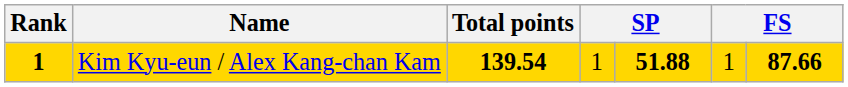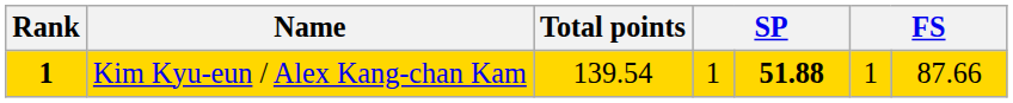 <table class="wikitable sortable">
 <tr>
 <th>Rank</th>
 <th>Name</th>
 <th>Total points</th>
 <th colspan="2" width="80px"><a href='#'>SP</a></th>
 <th colspan="2" width="80px"><a href='#'>FS</a></th>
 </tr>
 <tr bgcolor="gold">
 <td align="center"><strong>1</strong></td>
 <td><a href='#'>Kim Kyu-eun</a> / <a href='#'>Alex Kang-chan Kam</a></td>
-<td align="center"><strong>139.54</strong></td>
+<td align="center">139.54</td>
 <td align="center">1</td>
 <td align="center"><strong>51.88</strong></td>
 <td align="center">1</td>
-<td align="center"><strong>87.66</strong></td>
+<td align="center">87.66</td>
 </tr>
 </table>
